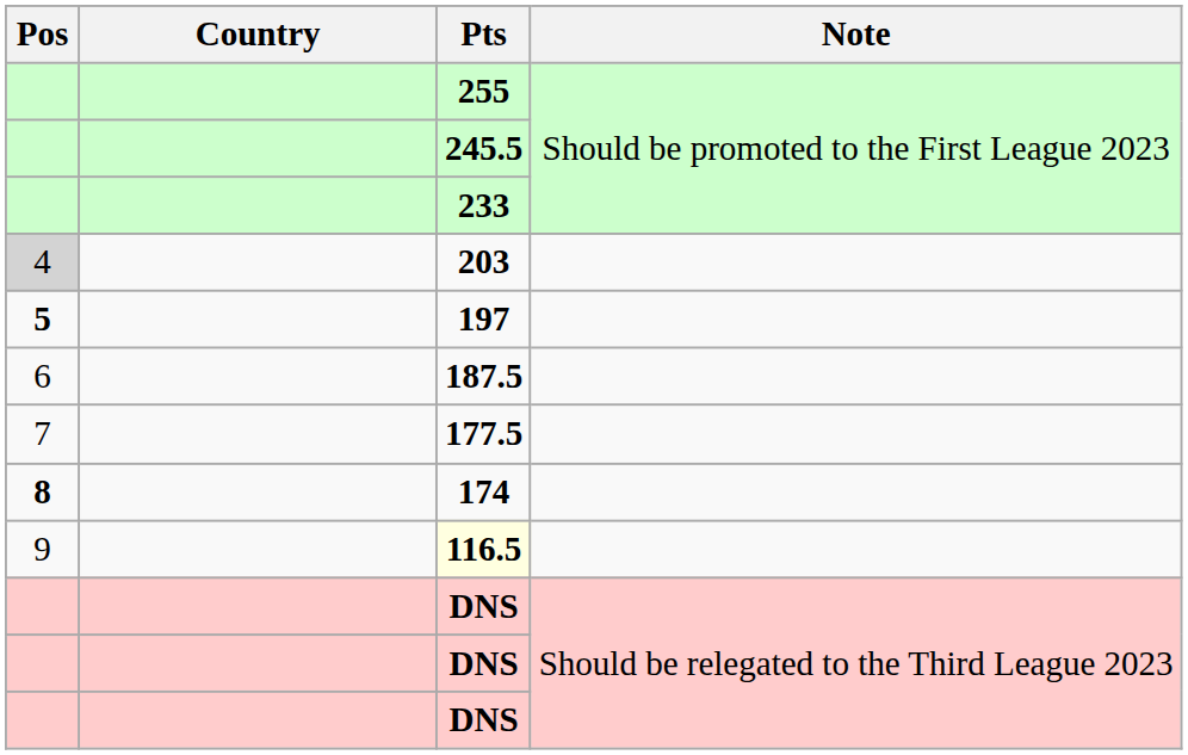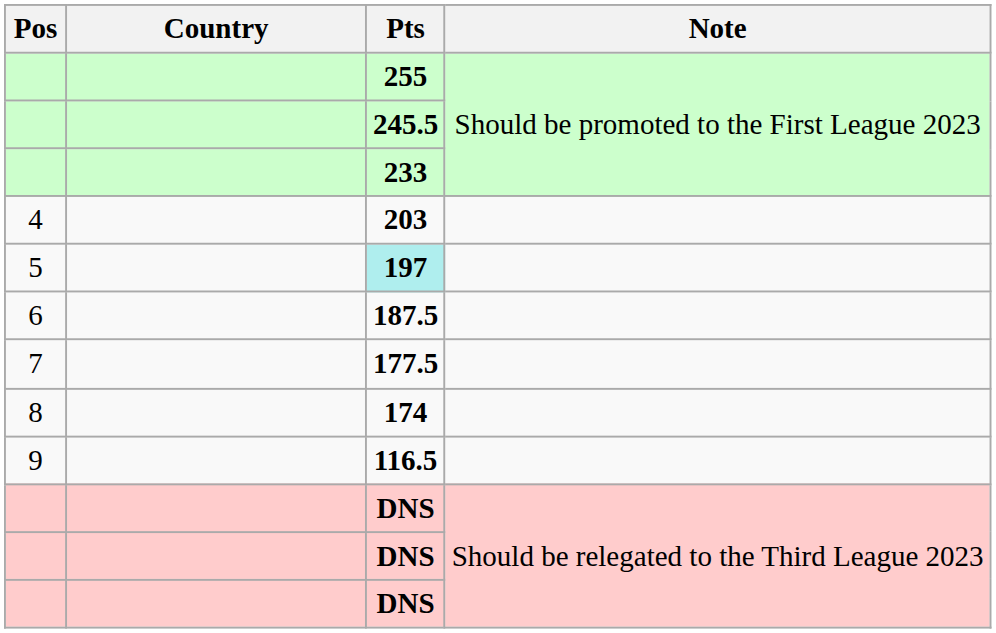 <table class="wikitable" style="text-align: center; font-size:95%">
 <tr>
 <th width="25">Pos</th>
 <th width="150">Country</th>
 <th width="25">Pts</th>
 <th>Note</th>
 </tr>
 <tr bgcolor=ccffcc>
 <td></td>
 <td align="left"><strong></strong></td>
 <td><strong>255</strong></td>
 <td rowspan=3>Should be promoted to the First League 2023</td>
 </tr>
 <tr bgcolor=ccffcc>
 <td></td>
 <td align="left"><strong></strong></td>
 <td><strong>245.5</strong></td>
 </tr>
 <tr bgcolor=ccffcc>
 <td></td>
 <td align="left"><strong></strong></td>
 <td><strong>233</strong></td>
 </tr>
 <tr>
-<td style="background: lightgrey;">4</td>
+<td>4</td>
 <td align="left"><strong></strong></td>
 <td><strong>203</strong></td>
 <td></td>
 </tr>
 <tr>
-<td><strong>5</strong></td>
+<td>5</td>
 <td align="left"><strong></strong></td>
-<td><strong>197</strong></td>
+<td style="background: paleturquoise;"><strong>197</strong></td>
 <td></td>
 </tr>
 <tr>
 <td>6</td>
 <td align="left"><strong></strong></td>
 <td><strong>187.5</strong></td>
 <td></td>
 </tr>
 <tr>
 <td>7</td>
 <td align="left"><strong></strong></td>
 <td><strong>177.5</strong></td>
 <td></td>
 </tr>
 <tr>
-<td><strong>8</strong></td>
+<td>8</td>
 <td align="left"><strong></strong></td>
 <td><strong>174</strong></td>
 <td></td>
 </tr>
 <tr>
 <td>9</td>
 <td align="left"><strong></strong></td>
-<td style="background: lightyellow;"><strong>116.5</strong></td>
+<td><strong>116.5</strong></td>
 <td></td>
 </tr>
 <tr bgcolor=ffcccc>
 <td></td>
 <td align="left"><strong></strong></td>
 <td><strong>DNS</strong></td>
 <td rowspan=3>Should be relegated to the Third League 2023</td>
 </tr>
 <tr bgcolor=ffcccc>
 <td></td>
 <td align="left"><strong></strong></td>
 <td><strong>DNS</strong></td>
 </tr>
 <tr bgcolor=ffcccc>
 <td></td>
 <td align="left"><strong></strong></td>
 <td><strong>DNS</strong></td>
 </tr>
 </table>
